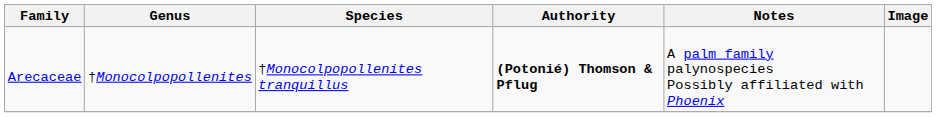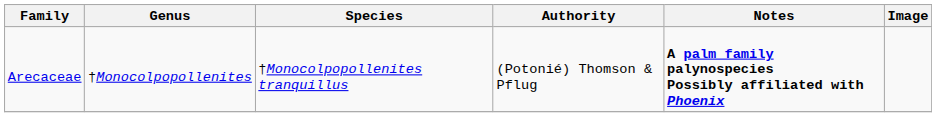 <table class="wikitable" align="center" width="100%">
 <tr>
 <th>Family</th>
 <th>Genus</th>
 <th>Species</th>
 <th>Authority</th>
 <th>Notes</th>
 <th>Image</th>
 </tr>
 <tr>
 <td><br><a href='#'>Arecaceae</a></td>
 <td><br>†<em><a href='#'>Monocolpopollenites</a></em></td>
 <td><br>†<em><a href='#'>Monocolpopollenites tranquillus</a></em></td>
-<td><strong><br>(Potonié) Thomson & Pflug</strong></td>
-<td><br>A <a href='#'>palm family</a> palynospecies<br> Possibly affiliated with <em><a href='#'>Phoenix</a></em></td>
+<td><br>(Potonié) Thomson & Pflug</td>
+<td><strong><br>A <a href='#'>palm family</a> palynospecies<br> Possibly affiliated with <em><a href='#'>Phoenix</a></em></strong></td>
 <td></td>
 </tr>
 <tr>
 </tr>
 </table>
